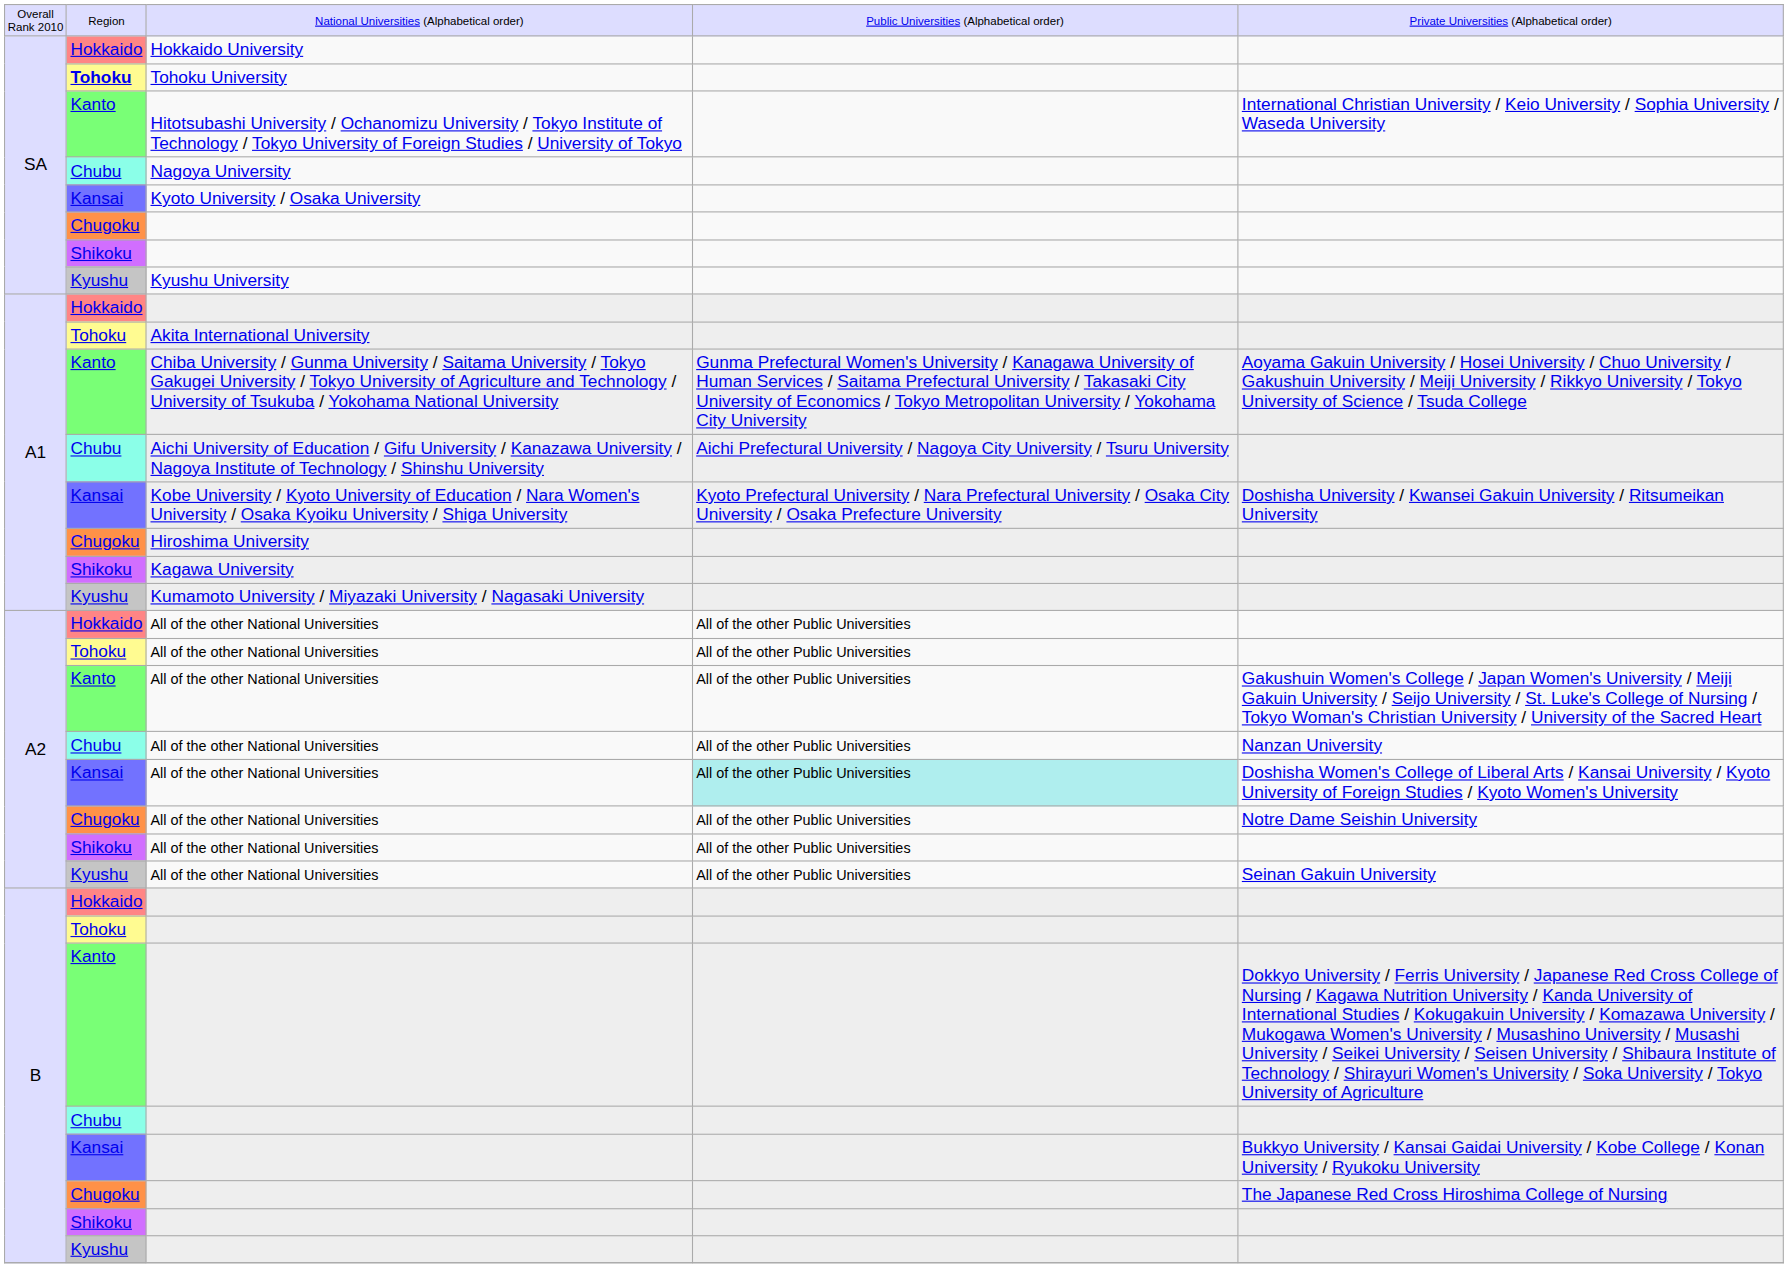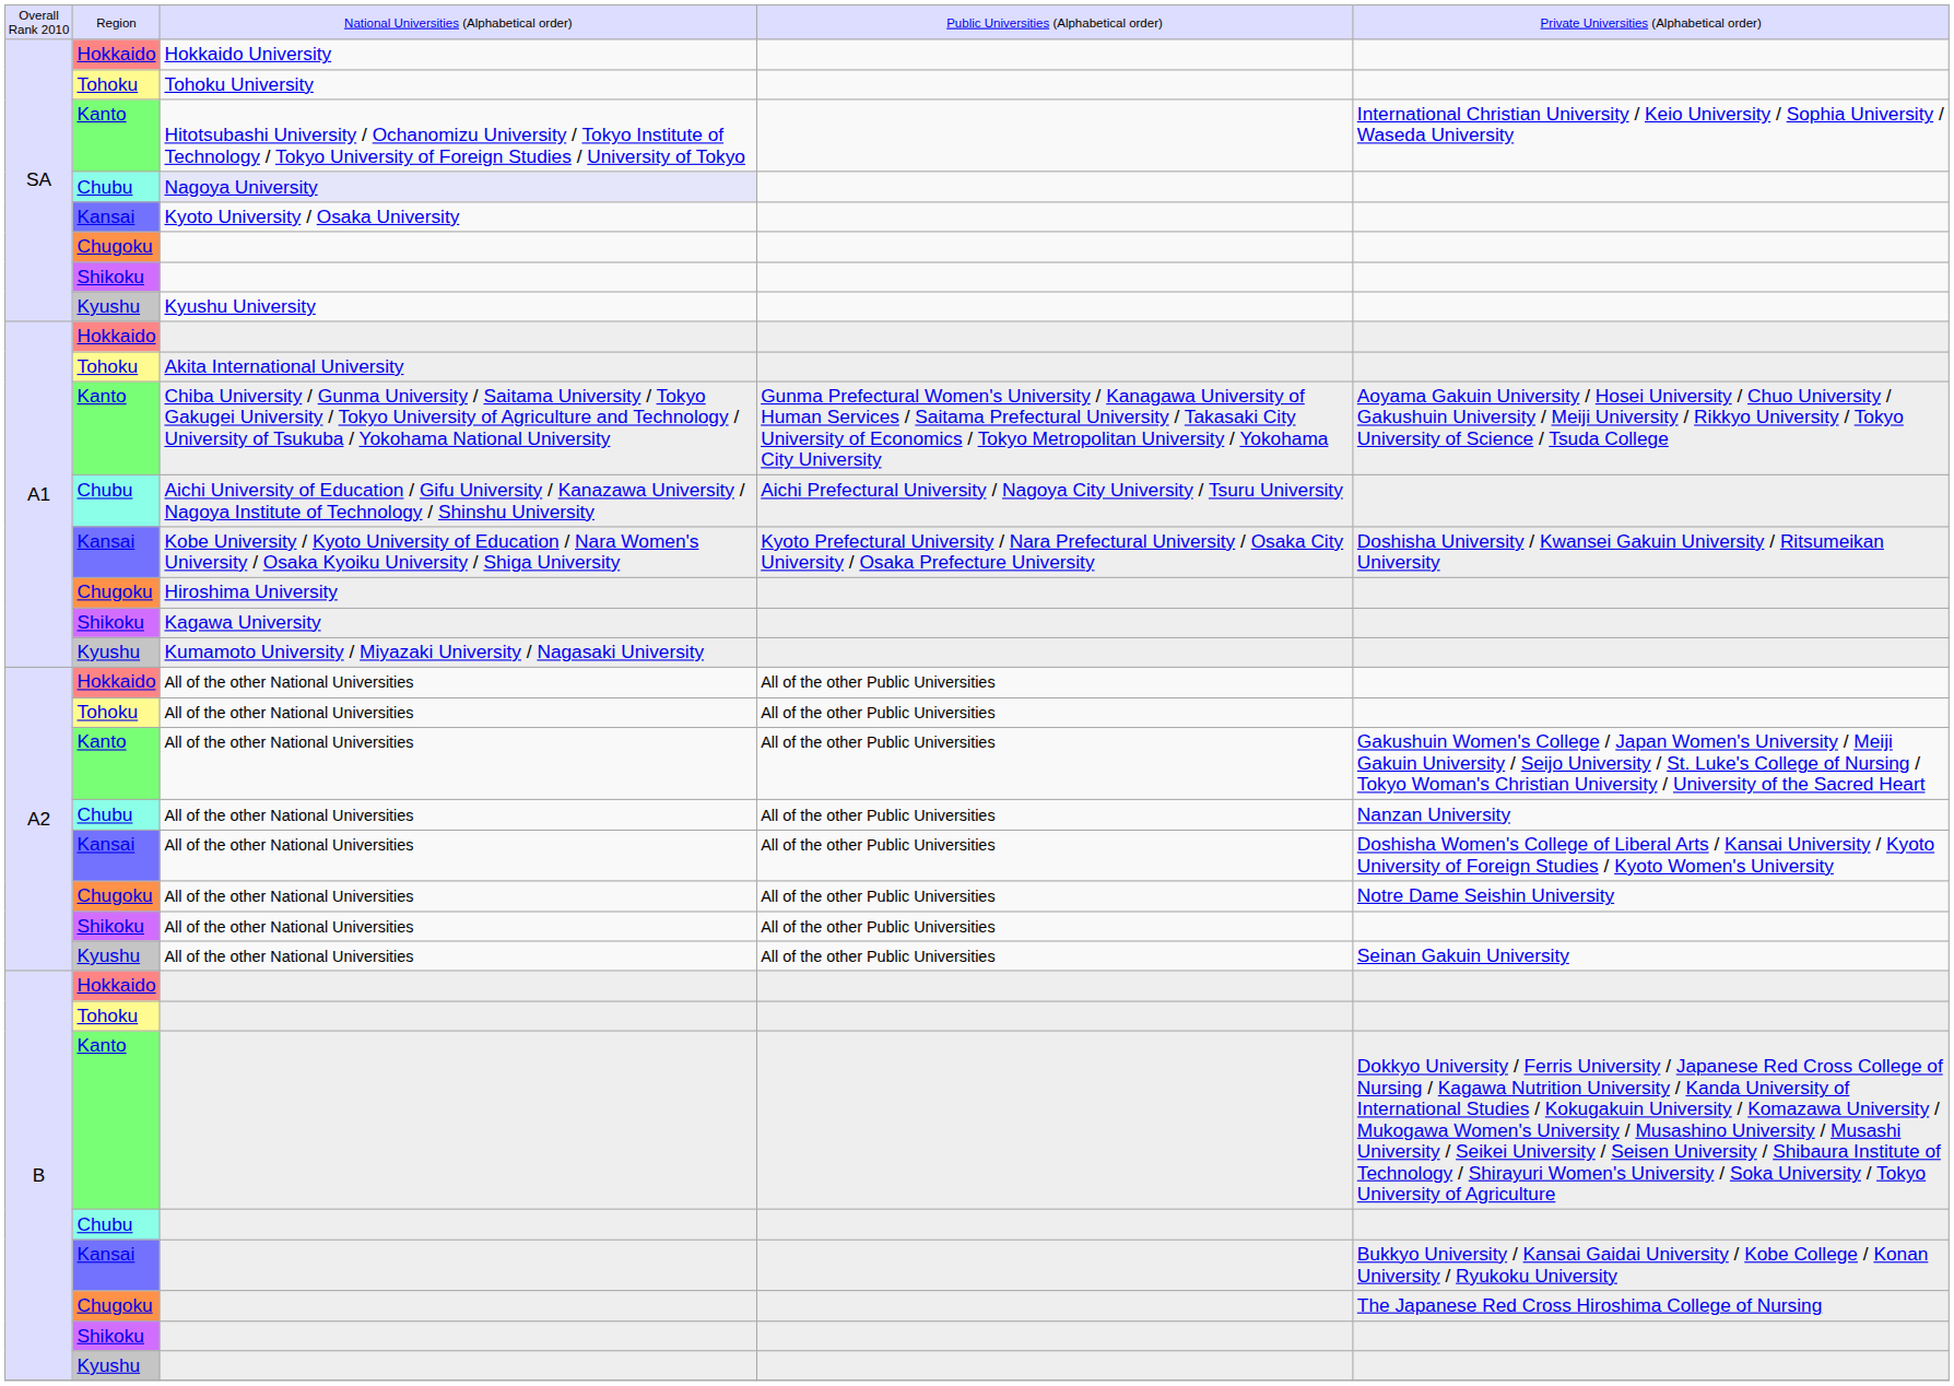 <table class="wikitable">
 <tr style="background:#EEEEEE;">
 <td style="font-size:8pt;width:50px; text-align:center;background-color:#ddf;">Overall Rank 2010</td>
 <td style="font-size:8pt;width:60px; text-align:center;background-color:#ddf;">Region <br></td>
 <td style="font-size:8pt;width:500px; text-align:center;background-color:#ddf;"><a href='#'>National Universities</a> (Alphabetical order)</td>
 <td style="font-size:8pt;width:500px; text-align:center;background-color:#ddf;"><a href='#'>Public Universities</a> (Alphabetical order)</td>
 <td style="font-size:8pt;width:500px; text-align:center;background-color:#ddf;"><a href='#'>Private Universities</a> (Alphabetical order)</td>
 </tr>
 <tr>
 <td style="width:50px; text-align:center;background-color:#ddf;" rowspan="8">SA</td>
 <td style="width:60px; text-align:left;vertical-align: super;background:#FF8585;"><a href='#'>Hokkaido</a></td>
 <td style="width:250px; text-align:left;vertical-align: super;"><a href='#'>Hokkaido University</a></td>
 <td style="width:250px; text-align:left;vertical-align: super;"></td>
 <td style="width:250px; text-align:left;vertical-align: super;"></td>
 </tr>
 <tr>
-<td style="width:60px; text-align:left;vertical-align: super;background:#FFFB91;"><strong><a href='#'>Tohoku</a></strong></td>
+<td style="width:60px; text-align:left;vertical-align: super;background:#FFFB91;"><a href='#'>Tohoku</a></td>
 <td style="width:250px; text-align:left;vertical-align: super;"><a href='#'>Tohoku University</a></td>
 <td style="width:250px; text-align:left;vertical-align: super;"></td>
 <td style="width:250px; text-align:left;vertical-align: super;"></td>
 </tr>
 <tr>
 <td style="width:60px; text-align:left;vertical-align: super;background:#79FF76;"><a href='#'>Kanto</a></td>
 <td style="width:250px; text-align:left;vertical-align: super;"><br><a href='#'>Hitotsubashi University</a> / <a href='#'>Ochanomizu University</a> / <a href='#'>Tokyo Institute of Technology</a> / <a href='#'>Tokyo University of Foreign Studies</a> / <a href='#'>University of Tokyo</a></td>
 <td style="width:250px; text-align:left;vertical-align: super;"></td>
 <td style="width:250px; text-align:left;vertical-align: super;"><a href='#'>International Christian University</a> / <a href='#'>Keio University</a> / <a href='#'>Sophia University</a> / <a href='#'>Waseda University</a></td>
 </tr>
 <tr>
 <td style="width:60px; text-align:left;vertical-align: super;background:#8BFFE8;"><a href='#'>Chubu</a></td>
-<td style="width:250px; text-align:left;vertical-align: super;"><a href='#'>Nagoya University</a></td>
+<td style="background: lavender; width:250px; text-align:left;vertical-align: super;"><a href='#'>Nagoya University</a></td>
 <td style="width:250px; text-align:left;vertical-align: super;"></td>
 <td style="width:250px; text-align:left;vertical-align: super;"></td>
 </tr>
 <tr>
 <td style="width:60px; text-align:left;vertical-align: super;background:#7272FF;"><a href='#'>Kansai</a></td>
 <td style="width:250px; text-align:left;vertical-align: super;"><a href='#'>Kyoto University</a> / <a href='#'>Osaka University</a></td>
 <td style="width:250px; text-align:left;vertical-align: super;"></td>
 <td style="width:250px; text-align:left;vertical-align: super;"></td>
 </tr>
 <tr>
 <td style="width:60px; text-align:left;vertical-align: super;background:#FF9148;"><a href='#'>Chugoku</a></td>
 <td style="width:250px; text-align:left;vertical-align: super;"></td>
 <td style="width:250px; text-align:left;vertical-align: super;"></td>
 <td style="width:250px; text-align:left;vertical-align: super;"></td>
 </tr>
 <tr>
 <td style="width:60px; text-align:left;vertical-align: super;background:#D16EFF;"><a href='#'>Shikoku</a></td>
 <td style="width:250px; text-align:left;vertical-align: super;"></td>
 <td style="width:250px; text-align:left;vertical-align: super;"></td>
 <td style="width:250px; text-align:left;vertical-align: super;"></td>
 </tr>
 <tr>
 <td style="width:60px; text-align:left;vertical-align: super;background:#C5C5C5;"><a href='#'>Kyushu</a></td>
 <td style="width:250px; text-align:left;vertical-align: super;"><a href='#'>Kyushu University</a></td>
 <td style="width:250px; text-align:left;vertical-align: super;"></td>
 <td style="width:250px; text-align:left;vertical-align: super;"></td>
 </tr>
 <tr>
 <td style="width:50px; text-align:center;background-color:#ddf;" rowspan="8">A1</td>
 <td style="width:60px; text-align:left;vertical-align: super;background:#FF8585;"><a href='#'>Hokkaido</a></td>
 <td style="width:250px; text-align:left;vertical-align: super;background:#EEEEEE;"></td>
 <td style="width:250px; text-align:left;vertical-align: super;background:#EEEEEE;"></td>
 <td style="width:250px; text-align:left;vertical-align: super;background:#EEEEEE;"></td>
 </tr>
 <tr>
 <td style="width:60px; text-align:left;vertical-align: super;background:#FFFB91;"><a href='#'>Tohoku</a></td>
 <td style="width:250px; text-align:left;vertical-align: super;background:#EEEEEE;"><a href='#'>Akita International University</a></td>
 <td style="width:250px; text-align:left;vertical-align: super;background:#EEEEEE;"></td>
 <td style="width:250px; text-align:left;vertical-align: super;background:#EEEEEE;"></td>
 </tr>
 <tr>
 <td style="width:60px; text-align:left;vertical-align: super;background:#79FF76;"><a href='#'>Kanto</a></td>
 <td style="width:250px; text-align:left;vertical-align: super;background:#EEEEEE;"><a href='#'>Chiba University</a> / <a href='#'>Gunma University</a> / <a href='#'>Saitama University</a> / <a href='#'>Tokyo Gakugei University</a> / <a href='#'>Tokyo University of Agriculture and Technology</a> / <a href='#'>University of Tsukuba</a> / <a href='#'>Yokohama National University</a></td>
 <td style="width:250px; text-align:left;vertical-align: super;background:#EEEEEE;"><a href='#'>Gunma Prefectural Women's University</a> / <a href='#'>Kanagawa University of Human Services</a> / <a href='#'>Saitama Prefectural University</a> / <a href='#'>Takasaki City University of Economics</a> / <a href='#'>Tokyo Metropolitan University</a> / <a href='#'>Yokohama City University</a></td>
 <td style="width:250px; text-align:left;vertical-align: super;background:#EEEEEE;"><a href='#'>Aoyama Gakuin University</a> / <a href='#'>Hosei University</a> / <a href='#'>Chuo University</a> / <a href='#'>Gakushuin University</a> / <a href='#'>Meiji University</a> / <a href='#'>Rikkyo University</a> / <a href='#'>Tokyo University of Science</a> / <a href='#'>Tsuda College</a></td>
 </tr>
 <tr>
 <td style="width:60px; text-align:left;vertical-align: super;background:#8BFFE8;"><a href='#'>Chubu</a></td>
 <td style="width:250px; text-align:left;vertical-align: super;background:#EEEEEE;"><a href='#'>Aichi University of Education</a> / <a href='#'>Gifu University</a> / <a href='#'>Kanazawa University</a> / <a href='#'>Nagoya Institute of Technology</a> / <a href='#'>Shinshu University</a></td>
 <td style="width:250px; text-align:left;vertical-align: super;background:#EEEEEE;"><a href='#'>Aichi Prefectural University</a> / <a href='#'>Nagoya City University</a> / <a href='#'>Tsuru University</a></td>
 <td style="width:250px; text-align:left;vertical-align: super;background:#EEEEEE;"></td>
 </tr>
 <tr>
 <td style="width:60px; text-align:left;vertical-align: super;background:#7272FF;"><a href='#'>Kansai</a></td>
 <td style="width:250px; text-align:left;vertical-align: super;background:#EEEEEE;"><a href='#'>Kobe University</a> / <a href='#'>Kyoto University of Education</a> / <a href='#'>Nara Women's University</a> / <a href='#'>Osaka Kyoiku University</a> / <a href='#'>Shiga University</a></td>
 <td style="width:250px; text-align:left;vertical-align: super;background:#EEEEEE;"><a href='#'>Kyoto Prefectural University</a> / <a href='#'>Nara Prefectural University</a> / <a href='#'>Osaka City University</a> / <a href='#'>Osaka Prefecture University</a></td>
 <td style="width:250px; text-align:left;vertical-align: super;background:#EEEEEE;"><a href='#'>Doshisha University</a> / <a href='#'>Kwansei Gakuin University</a> / <a href='#'>Ritsumeikan University</a></td>
 </tr>
 <tr>
 <td style="width:60px; text-align:left;vertical-align: super;background:#FF9148;"><a href='#'>Chugoku</a></td>
 <td style="width:250px; text-align:left;vertical-align: super;background:#EEEEEE;"><a href='#'>Hiroshima University</a></td>
 <td style="width:250px; text-align:left;vertical-align: super;background:#EEEEEE;"></td>
 <td style="width:250px; text-align:left;vertical-align: super;background:#EEEEEE;"></td>
 </tr>
 <tr>
 <td style="width:60px; text-align:left;vertical-align: super;background:#D16EFF;"><a href='#'>Shikoku</a></td>
 <td style="width:250px; text-align:left;vertical-align: super;background:#EEEEEE;"><a href='#'>Kagawa University</a></td>
 <td style="width:250px; text-align:left;vertical-align: super;background:#EEEEEE;"></td>
 <td style="width:250px; text-align:left;vertical-align: super;background:#EEEEEE;"></td>
 </tr>
 <tr>
 <td style="width:60px; text-align:left;vertical-align: super;background:#C5C5C5;"><a href='#'>Kyushu</a></td>
 <td style="width:250px; text-align:left;vertical-align: super;background:#EEEEEE;"><a href='#'>Kumamoto University</a> / <a href='#'>Miyazaki University</a> / <a href='#'>Nagasaki University</a></td>
 <td style="width:250px; text-align:left;vertical-align: super;background:#EEEEEE;"></td>
 <td style="width:250px; text-align:left;vertical-align: super;background:#EEEEEE;"></td>
 </tr>
 <tr>
 <td style="width:50px; text-align:center;background-color:#ddf;" rowspan="8">A2</td>
 <td style="width:60px; text-align:left;vertical-align: super;background:#FF8585;"><a href='#'>Hokkaido</a></td>
 <td style="width:250px; text-align:left;vertical-align: super;"><small>All of the other National Universities</small></td>
 <td style="width:250px; text-align:left;vertical-align: super;"><small>All of the other Public Universities</small></td>
 <td style="width:250px; text-align:left;vertical-align: super;"></td>
 </tr>
 <tr>
 <td style="width:60px; text-align:left;vertical-align: super;background:#FFFB91;"><a href='#'>Tohoku</a></td>
 <td style="width:250px; text-align:left;vertical-align: super;"><small>All of the other National Universities</small></td>
 <td style="width:250px; text-align:left;vertical-align: super;"><small>All of the other Public Universities</small></td>
 <td style="width:250px; text-align:left;vertical-align: super;"></td>
 </tr>
 <tr>
 <td style="width:60px; text-align:left;vertical-align: super;background:#79FF76;"><a href='#'>Kanto</a></td>
 <td style="width:250px; text-align:left;vertical-align: super;"><small>All of the other National Universities</small></td>
 <td style="width:250px; text-align:left;vertical-align: super;"><small>All of the other Public Universities</small></td>
 <td style="width:250px; text-align:left;vertical-align: super;"><a href='#'>Gakushuin Women's College</a> / <a href='#'>Japan Women's University</a> / <a href='#'>Meiji Gakuin University</a> / <a href='#'>Seijo University</a> / <a href='#'>St. Luke's College of Nursing</a> / <a href='#'>Tokyo Woman's Christian University</a> / <a href='#'>University of the Sacred Heart</a></td>
 </tr>
 <tr>
 <td style="width:60px; text-align:left;vertical-align: super;background:#8BFFE8;"><a href='#'>Chubu</a></td>
 <td style="width:250px; text-align:left;vertical-align: super;"><small>All of the other National Universities</small></td>
 <td style="width:250px; text-align:left;vertical-align: super;"><small>All of the other Public Universities</small></td>
 <td style="width:250px; text-align:left;vertical-align: super;"><a href='#'>Nanzan University</a></td>
 </tr>
 <tr>
 <td style="width:60px; text-align:left;vertical-align: super;background:#7272FF;"><a href='#'>Kansai</a></td>
 <td style="width:250px; text-align:left;vertical-align: super;"><small>All of the other National Universities</small></td>
-<td style="background: paleturquoise; width:250px; text-align:left;vertical-align: super;"><small>All of the other Public Universities</small></td>
+<td style="width:250px; text-align:left;vertical-align: super;"><small>All of the other Public Universities</small></td>
 <td style="width:250px; text-align:left;vertical-align: super;"><a href='#'>Doshisha Women's College of Liberal Arts</a> / <a href='#'>Kansai University</a> / <a href='#'>Kyoto University of Foreign Studies</a> / <a href='#'>Kyoto Women's University</a></td>
 </tr>
 <tr>
 <td style="width:60px; text-align:left;vertical-align: super;background:#FF9148;"><a href='#'>Chugoku</a></td>
 <td style="width:250px; text-align:left;vertical-align: super;"><small>All of the other National Universities</small></td>
 <td style="width:250px; text-align:left;vertical-align: super;"><small>All of the other Public Universities</small></td>
 <td style="width:250px; text-align:left;vertical-align: super;"><a href='#'>Notre Dame Seishin University</a></td>
 </tr>
 <tr>
 <td style="width:60px; text-align:left;vertical-align: super;background:#D16EFF;"><a href='#'>Shikoku</a></td>
 <td style="width:250px; text-align:left;vertical-align: super;"><small>All of the other National Universities</small></td>
 <td style="width:250px; text-align:left;vertical-align: super;"><small>All of the other Public Universities</small></td>
 <td style="width:250px; text-align:left;vertical-align: super;"></td>
 </tr>
 <tr>
 <td style="width:60px; text-align:left;vertical-align: super;background:#C5C5C5;"><a href='#'>Kyushu</a></td>
 <td style="width:250px; text-align:left;vertical-align: super;"><small>All of the other National Universities</small></td>
 <td style="width:250px; text-align:left;vertical-align: super;"><small>All of the other Public Universities</small></td>
 <td style="width:250px; text-align:left;vertical-align: super;"><a href='#'>Seinan Gakuin University</a></td>
 </tr>
 <tr>
 <td style="width:50px; text-align:center;background-color:#ddf;" rowspan="8">B</td>
 <td style="width:60px; text-align:left;vertical-align: super;background:#FF8585;"><a href='#'>Hokkaido</a></td>
 <td style="width:250px; text-align:left;vertical-align: super;background:#EEEEEE;"></td>
 <td style="width:250px; text-align:left;vertical-align: super;background:#EEEEEE;"></td>
 <td style="width:250px; text-align:left;vertical-align: super;background:#EEEEEE;"></td>
 </tr>
 <tr>
 <td style="width:60px; text-align:left;vertical-align: super;background:#FFFB91;"><a href='#'>Tohoku</a></td>
 <td style="width:250px; text-align:left;vertical-align: super;background:#EEEEEE;"></td>
 <td style="width:250px; text-align:left;vertical-align: super;background:#EEEEEE;"></td>
 <td style="width:250px; text-align:left;vertical-align: super;background:#EEEEEE;"></td>
 </tr>
 <tr>
 <td style="width:60px; text-align:left;vertical-align: super;background:#79FF76;"><a href='#'>Kanto</a></td>
 <td style="width:250px; text-align:left;vertical-align: super;background:#EEEEEE;"></td>
 <td style="width:250px; text-align:left;vertical-align: super;background:#EEEEEE;"></td>
 <td style="width:250px; text-align:left;vertical-align: super;background:#EEEEEE;"><br><a href='#'>Dokkyo University</a> / <a href='#'>Ferris University</a> / <a href='#'>Japanese Red Cross College of Nursing</a> / <a href='#'>Kagawa Nutrition University</a> / <a href='#'>Kanda University of International Studies</a> / <a href='#'>Kokugakuin University</a> / <a href='#'>Komazawa University</a> / <a href='#'>Mukogawa Women's University</a> / <a href='#'>Musashino University</a> / <a href='#'>Musashi University</a> / <a href='#'>Seikei University</a> / <a href='#'>Seisen University</a> / <a href='#'>Shibaura Institute of Technology</a> / <a href='#'>Shirayuri Women's University</a> / <a href='#'>Soka University</a> / <a href='#'>Tokyo University of Agriculture</a></td>
 </tr>
 <tr>
 <td style="width:60px; text-align:left;vertical-align: super;background:#8BFFE8;"><a href='#'>Chubu</a></td>
 <td style="width:250px; text-align:left;vertical-align: super;background:#EEEEEE;"></td>
 <td style="width:250px; text-align:left;vertical-align: super;background:#EEEEEE;"></td>
 <td style="width:250px; text-align:left;vertical-align: super;background:#EEEEEE;"></td>
 </tr>
 <tr>
 <td style="width:60px; text-align:left;vertical-align: super;background:#7272FF;"><a href='#'>Kansai</a></td>
 <td style="width:250px; text-align:left;vertical-align: super;background:#EEEEEE;"></td>
 <td style="width:250px; text-align:left;vertical-align: super;background:#EEEEEE;"></td>
 <td style="width:250px; text-align:left;vertical-align: super;background:#EEEEEE;"><a href='#'>Bukkyo University</a> / <a href='#'>Kansai Gaidai University</a> / <a href='#'>Kobe College</a> / <a href='#'>Konan University</a> / <a href='#'>Ryukoku University</a></td>
 </tr>
 <tr>
 <td style="width:60px; text-align:left;vertical-align: super;background:#FF9148;"><a href='#'>Chugoku</a></td>
 <td style="width:250px; text-align:left;vertical-align: super;background:#EEEEEE;"></td>
 <td style="width:250px; text-align:left;vertical-align: super;background:#EEEEEE;"></td>
 <td style="width:250px; text-align:left;vertical-align: super;background:#EEEEEE;"><a href='#'>The Japanese Red Cross Hiroshima College of Nursing</a></td>
 </tr>
 <tr>
 <td style="width:60px; text-align:left;vertical-align: super;background:#D16EFF;"><a href='#'>Shikoku</a></td>
 <td style="width:250px; text-align:left;vertical-align: super;background:#EEEEEE;"></td>
 <td style="width:250px; text-align:left;vertical-align: super;background:#EEEEEE;"></td>
 <td style="width:250px; text-align:left;vertical-align: super;background:#EEEEEE;"></td>
 </tr>
 <tr>
 <td style="width:60px; text-align:left;vertical-align: super;background:#C5C5C5;"><a href='#'>Kyushu</a></td>
 <td style="width:250px; text-align:left;vertical-align: super;background:#EEEEEE;"></td>
 <td style="width:250px; text-align:left;vertical-align: super;background:#EEEEEE;"></td>
 <td style="width:250px; text-align:left;vertical-align: super;background:#EEEEEE;"></td>
 </tr>
 <tr>
 </tr>
 </table>
